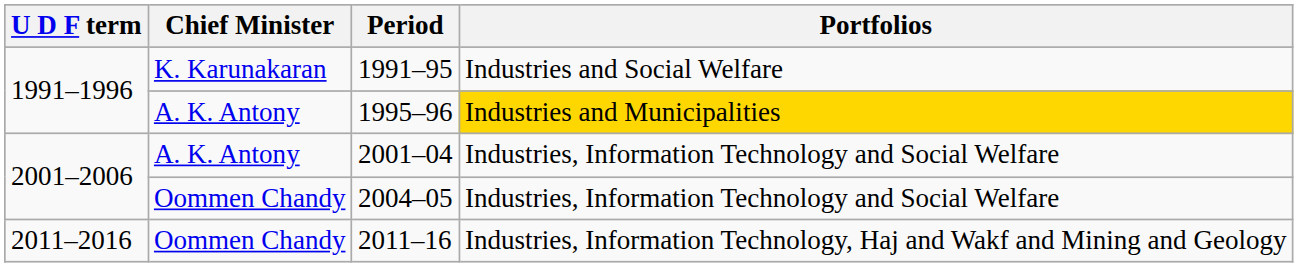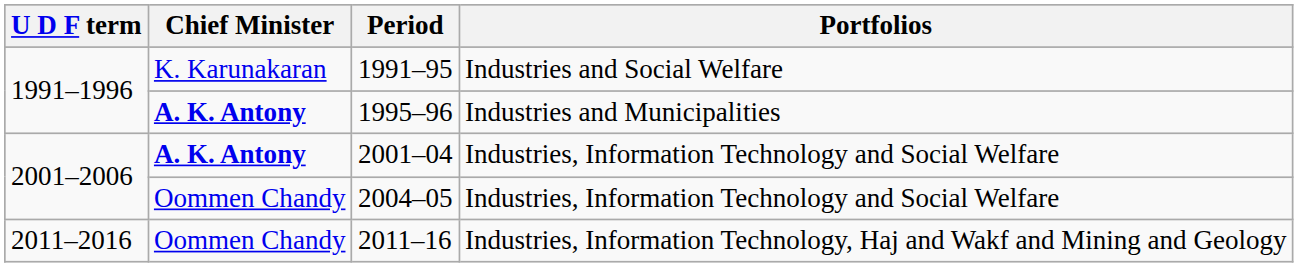 <table class="wikitable">
 <tr>
 <th><a href='#'>U D F</a> term</th>
 <th>Chief Minister</th>
 <th>Period</th>
 <th>Portfolios</th>
 </tr>
 <tr>
 <td rowspan="2">1991–1996</td>
 <td><a href='#'>K. Karunakaran</a></td>
 <td>1991–95</td>
 <td>Industries and Social Welfare</td>
 </tr>
 <tr>
-<td><a href='#'>A. K. Antony</a></td>
+<td><strong><a href='#'>A. K. Antony</a></strong></td>
 <td>1995–96</td>
-<td style="background: gold;">Industries and Municipalities</td>
+<td>Industries and Municipalities</td>
 </tr>
 <tr>
 <td rowspan="2">2001–2006</td>
-<td><a href='#'>A. K. Antony</a></td>
+<td><strong><a href='#'>A. K. Antony</a></strong></td>
 <td>2001–04</td>
 <td>Industries, Information Technology and Social Welfare</td>
 </tr>
 <tr>
 <td><a href='#'>Oommen Chandy</a></td>
 <td>2004–05</td>
 <td>Industries, Information Technology and Social Welfare</td>
 </tr>
 <tr>
 <td>2011–2016</td>
 <td><a href='#'>Oommen Chandy</a></td>
 <td>2011–16</td>
 <td>Industries, Information Technology, Haj and Wakf and Mining and Geology</td>
 </tr>
 </table>
